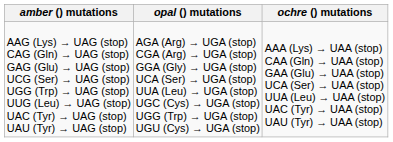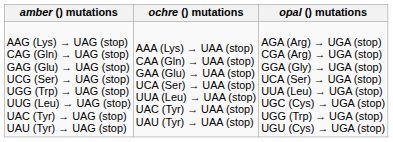 <table align="center" class="wikitable" style="border:none;">
 <tr>
 <th scope="col"><em>amber</em> () mutations</th>
+<th scope="col"><em>ochre</em> () mutations</th>
 <th scope="col"><em>opal</em> () mutations</th>
-<th scope="col"><em>ochre</em> () mutations</th>
 </tr>
 <tr>
 <td><br><span><span>A</span>AG (Lys)</span> → <span><span>U</span>AG (stop)</span><br> <span><span>C</span>AG (Gln)</span> → <span><span>U</span>AG (stop)</span><br> <span><span>G</span>AG (Glu)</span> → <span><span>U</span>AG (stop)</span><br> <span>U<span>C</span>G (Ser)</span> → <span>U<span>A</span>G (stop)</span><br> <span>U<span>G</span>G (Trp)</span> → <span>U<span>A</span>G (stop)</span><br> <span>U<span>U</span>G (Leu)</span> → <span>U<span>A</span>G (stop)</span><br> <span>UA<span>C</span> (Tyr)</span> → <span>UA<span>G</span> (stop)</span><br> <span>UA<span>U</span> (Tyr)</span> → <span>UA<span>G</span> (stop)</span></td>
+<td><br><span><span>A</span>AA (Lys)</span> → <span><span>U</span>AA (stop)</span><br> <span><span>C</span>AA (Gln)</span> → <span><span>U</span>AA (stop)</span><br> <span><span>G</span>AA (Glu)</span> → <span><span>U</span>AA (stop)</span><br> <span>U<span>C</span>A (Ser)</span> → <span>U<span>A</span>A (stop)</span><br> <span>U<span>U</span>A (Leu)</span> → <span>U<span>A</span>A (stop)</span><br> <span>UA<span>C</span> (Tyr)</span> → <span>UA<span>A</span> (stop)</span><br> <span>UA<span>U</span> (Tyr)</span> → <span>UA<span>A</span> (stop)</span><br> </td>
 <td><br><span><span>A</span>GA (Arg)</span> → <span><span>U</span>GA (stop)</span><br> <span><span>C</span>GA (Arg)</span> → <span><span>U</span>GA (stop)</span><br> <span><span>G</span>GA (Gly)</span> → <span><span>U</span>GA (stop)</span><br> <span>U<span>C</span>A (Ser)</span> → <span>U<span>G</span>A (stop)</span><br> <span>U<span>U</span>A (Leu)</span> → <span>U<span>G</span>A (stop)</span><br> <span>UG<span>C</span> (Cys)</span> → <span>UG<span>A</span> (stop)</span><br> <span>UG<span>G</span> (Trp)</span> → <span>UG<span>A</span> (stop)</span><br> <span>UG<span>U</span> (Cys)</span> → <span>UG<span>A</span> (stop)</span></td>
-<td><br><span><span>A</span>AA (Lys)</span> → <span><span>U</span>AA (stop)</span><br> <span><span>C</span>AA (Gln)</span> → <span><span>U</span>AA (stop)</span><br> <span><span>G</span>AA (Glu)</span> → <span><span>U</span>AA (stop)</span><br> <span>U<span>C</span>A (Ser)</span> → <span>U<span>A</span>A (stop)</span><br> <span>U<span>U</span>A (Leu)</span> → <span>U<span>A</span>A (stop)</span><br> <span>UA<span>C</span> (Tyr)</span> → <span>UA<span>A</span> (stop)</span><br> <span>UA<span>U</span> (Tyr)</span> → <span>UA<span>A</span> (stop)</span><br> </td>
 </tr>
 </table>
